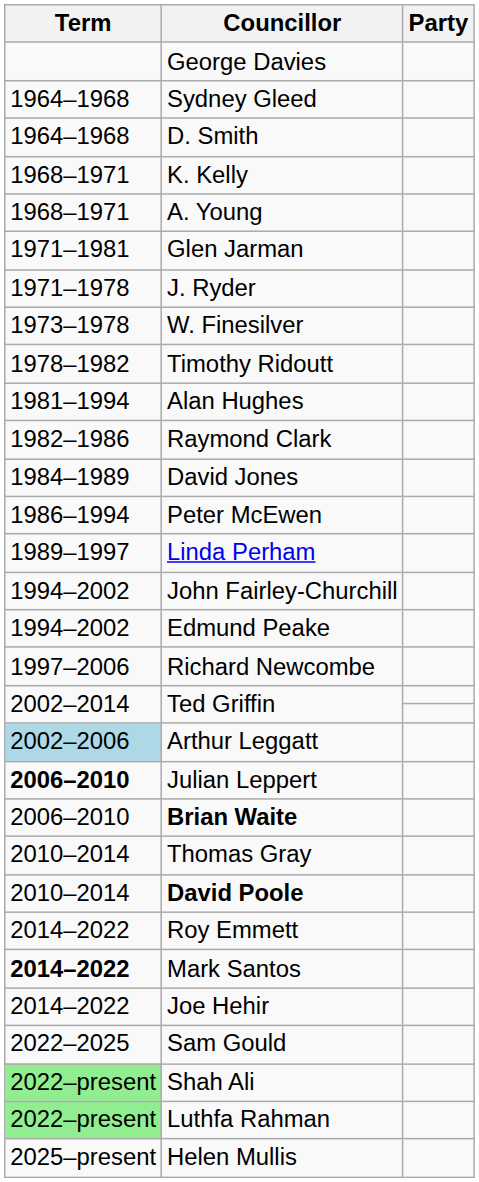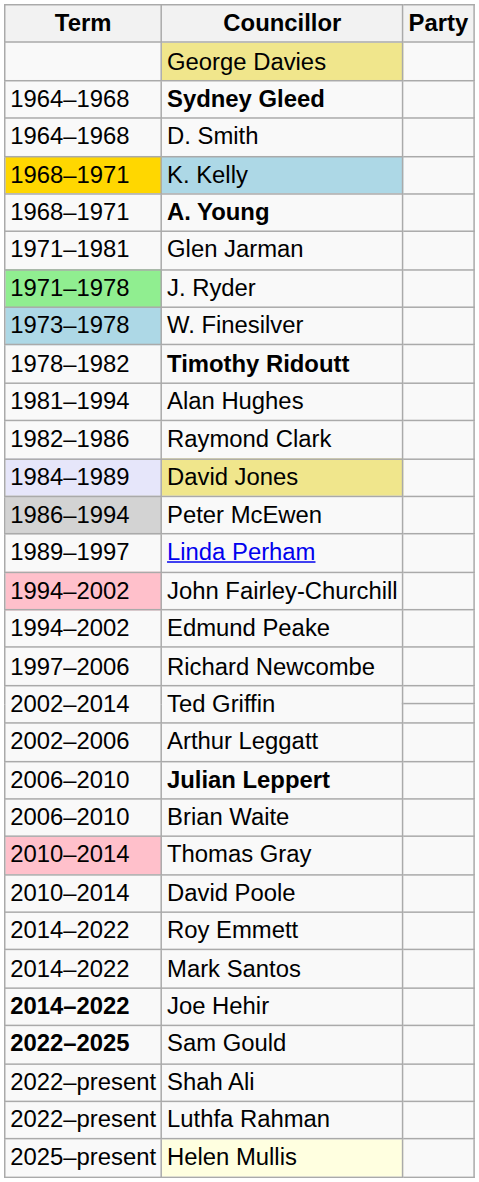 <table class="wikitable">
 <tr>
 <th>Term</th>
 <th>Councillor</th>
 <th colspan=2>Party</th>
 </tr>
 <tr>
 <td></td>
-<td>George Davies</td>
+<td style="background: khaki;">George Davies</td>
 <td></td>
 </tr>
 <tr>
 <td>1964–1968</td>
-<td>Sydney Gleed</td>
+<td><strong>Sydney Gleed</strong></td>
 <td></td>
 </tr>
 <tr>
 <td>1964–1968</td>
 <td>D. Smith</td>
 <td></td>
 </tr>
 <tr>
-<td>1968–1971</td>
-<td>K. Kelly</td>
+<td style="background: gold;">1968–1971</td>
+<td style="background: lightblue;">K. Kelly</td>
 <td></td>
 </tr>
 <tr>
 <td>1968–1971</td>
-<td>A. Young</td>
+<td><strong>A. Young</strong></td>
 <td></td>
 </tr>
 <tr>
 <td>1971–1981</td>
 <td>Glen Jarman</td>
 <td></td>
 </tr>
 <tr>
-<td>1971–1978</td>
+<td style="background: lightgreen;">1971–1978</td>
 <td>J. Ryder</td>
 <td></td>
 </tr>
 <tr>
-<td>1973–1978</td>
+<td style="background: lightblue;">1973–1978</td>
 <td>W. Finesilver</td>
 <td></td>
 </tr>
 <tr>
 <td>1978–1982</td>
-<td>Timothy Ridoutt</td>
+<td><strong>Timothy Ridoutt</strong></td>
 <td></td>
 </tr>
 <tr>
 <td>1981–1994</td>
 <td>Alan Hughes</td>
 <td></td>
 </tr>
 <tr>
 <td>1982–1986</td>
 <td>Raymond Clark</td>
 <td></td>
 </tr>
 <tr>
-<td>1984–1989</td>
-<td>David Jones</td>
+<td style="background: lavender;">1984–1989</td>
+<td style="background: khaki;">David Jones</td>
 <td></td>
 </tr>
 <tr>
-<td>1986–1994</td>
+<td style="background: lightgrey;">1986–1994</td>
 <td>Peter McEwen</td>
 <td></td>
 </tr>
 <tr>
 <td>1989–1997</td>
 <td><a href='#'>Linda Perham</a></td>
 <td></td>
 </tr>
 <tr>
-<td>1994–2002</td>
+<td style="background: pink;">1994–2002</td>
 <td>John Fairley-Churchill</td>
 <td></td>
 </tr>
 <tr>
 <td>1994–2002</td>
 <td>Edmund Peake</td>
 <td></td>
 </tr>
 <tr>
 <td>1997–2006</td>
 <td>Richard Newcombe</td>
 <td></td>
 </tr>
 <tr>
 <td rowspan=2>2002–2014</td>
 <td rowspan=2>Ted Griffin</td>
 <td></td>
 </tr>
 <tr>
 <td></td>
 </tr>
 <tr>
-<td style="background: lightblue;">2002–2006</td>
+<td>2002–2006</td>
 <td>Arthur Leggatt</td>
 <td></td>
 </tr>
 <tr>
-<td><strong>2006–2010</strong></td>
-<td>Julian Leppert</td>
+<td>2006–2010</td>
+<td><strong>Julian Leppert</strong></td>
 <td></td>
 </tr>
 <tr>
 <td>2006–2010</td>
-<td><strong>Brian Waite</strong></td>
+<td>Brian Waite</td>
 <td></td>
 </tr>
 <tr>
-<td>2010–2014</td>
+<td style="background: pink;">2010–2014</td>
 <td>Thomas Gray</td>
 <td></td>
 </tr>
 <tr>
 <td>2010–2014</td>
-<td><strong>David Poole</strong></td>
+<td>David Poole</td>
 <td></td>
 </tr>
 <tr>
 <td>2014–2022</td>
 <td>Roy Emmett</td>
 <td></td>
 </tr>
 <tr>
-<td><strong>2014–2022</strong></td>
+<td>2014–2022</td>
 <td>Mark Santos</td>
 <td></td>
 </tr>
 <tr>
-<td>2014–2022</td>
+<td><strong>2014–2022</strong></td>
 <td>Joe Hehir</td>
 <td></td>
 </tr>
 <tr>
-<td>2022–2025</td>
+<td><strong>2022–2025</strong></td>
 <td>Sam Gould</td>
 <td></td>
 </tr>
 <tr>
-<td style="background: lightgreen;">2022–present</td>
+<td>2022–present</td>
 <td>Shah Ali</td>
 <td></td>
 </tr>
 <tr>
-<td style="background: lightgreen;">2022–present</td>
+<td>2022–present</td>
 <td>Luthfa Rahman</td>
 <td></td>
 </tr>
 <tr>
 <td>2025–present</td>
-<td>Helen Mullis</td>
+<td style="background: lightyellow;">Helen Mullis</td>
 <td></td>
 </tr>
 </table>
